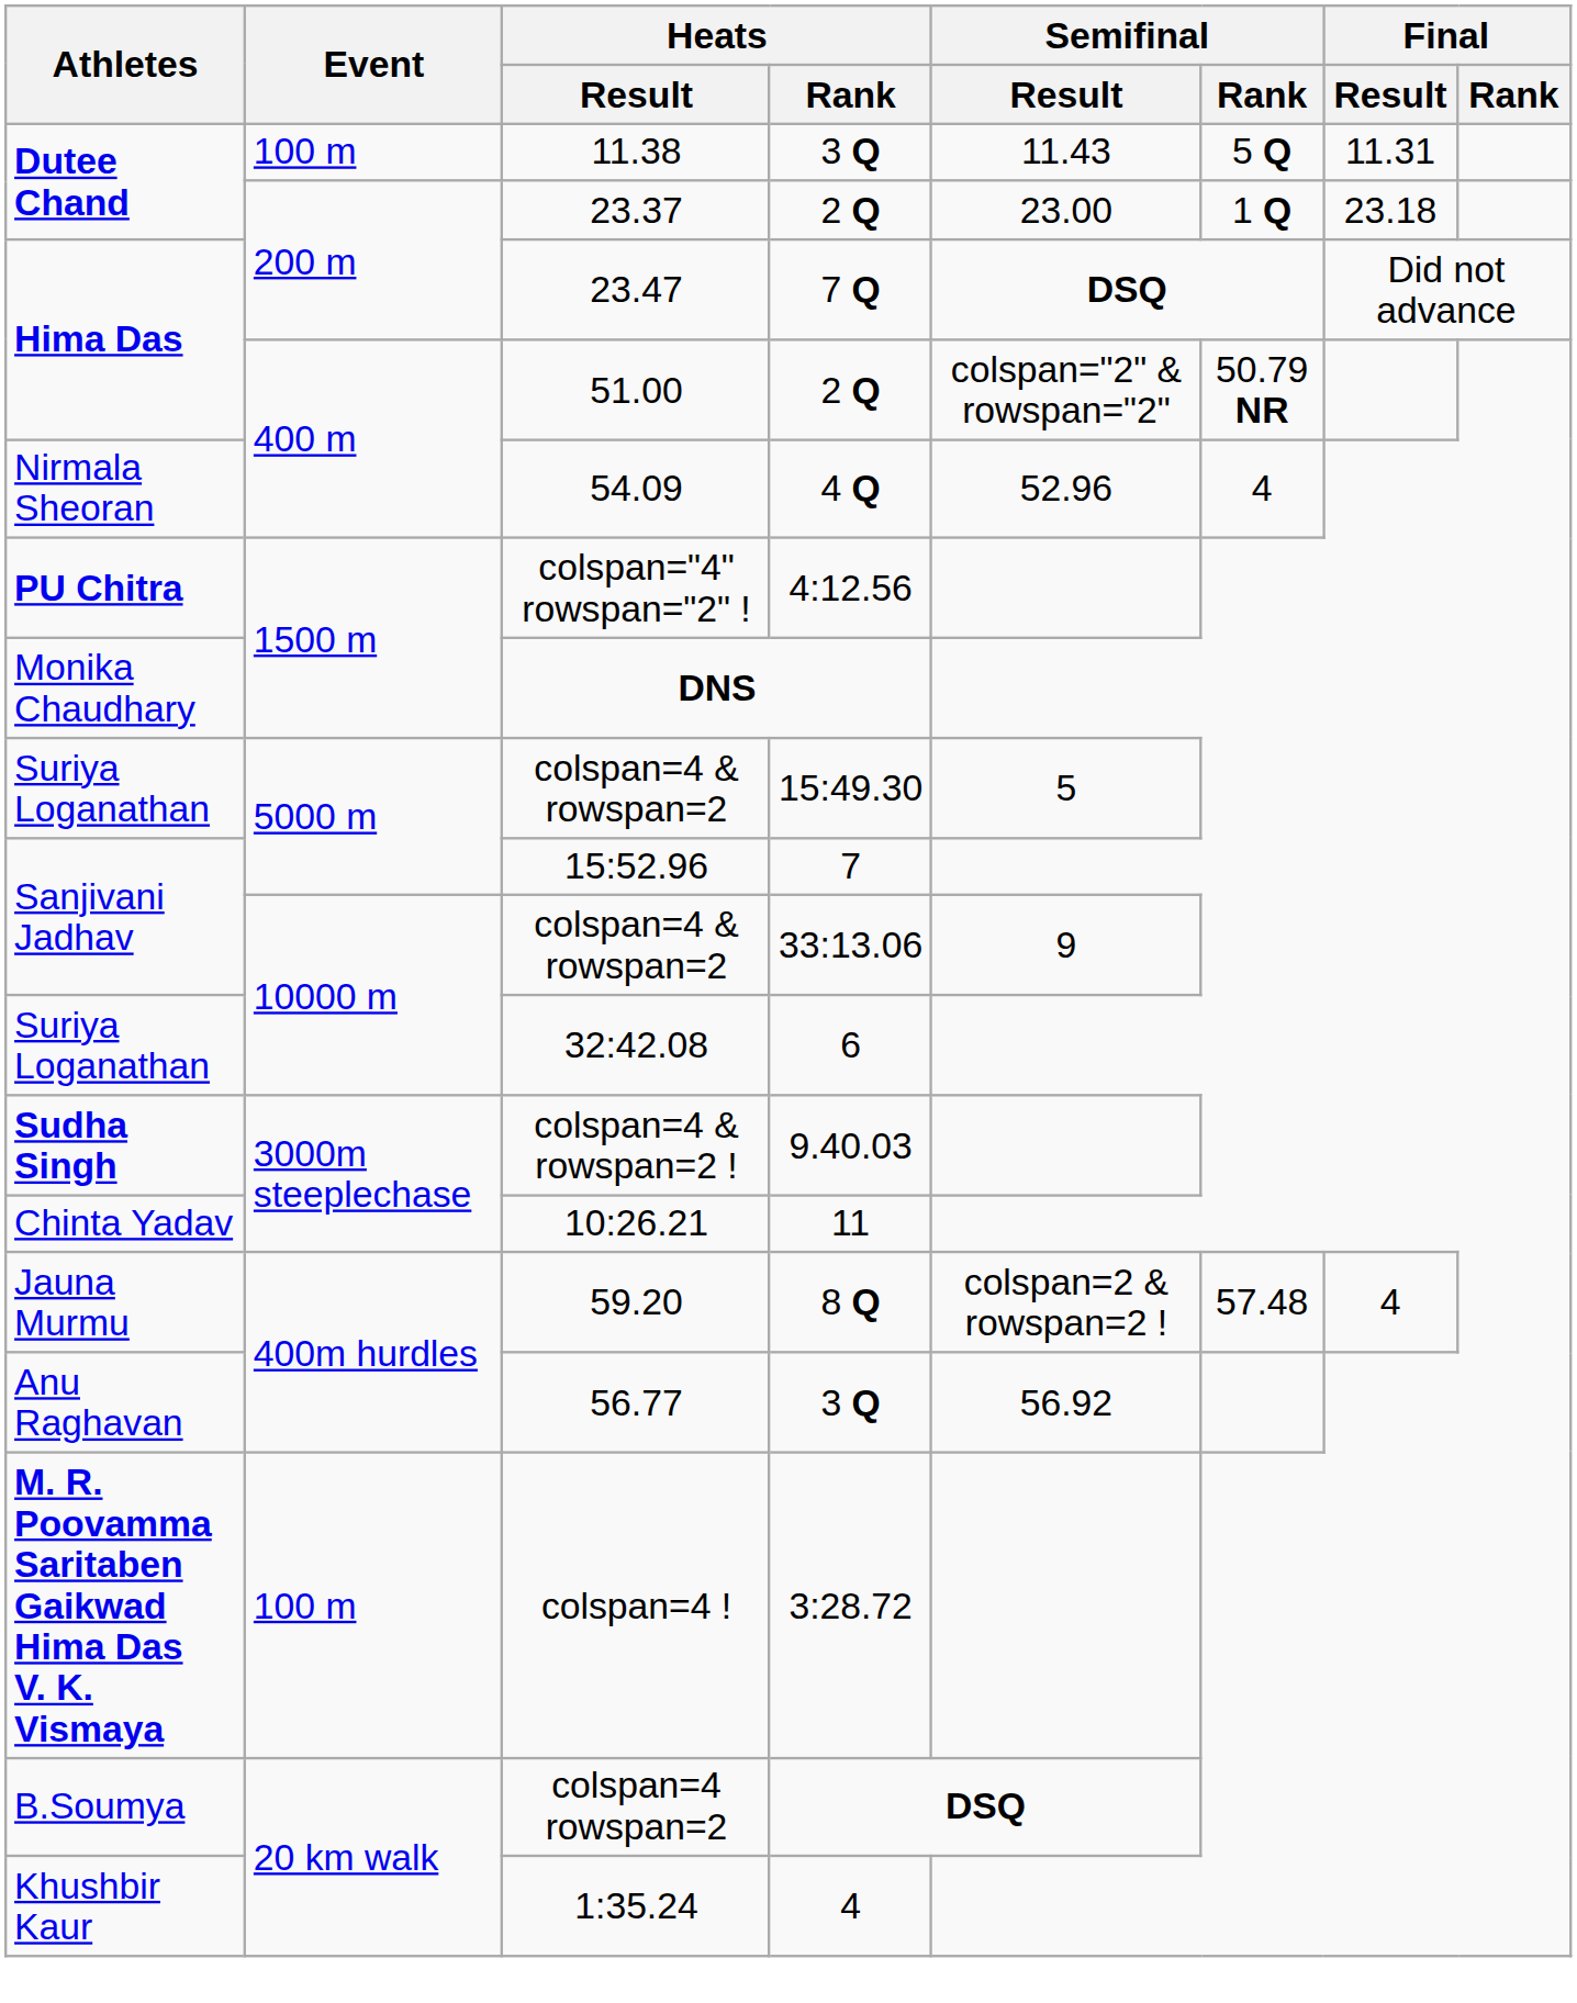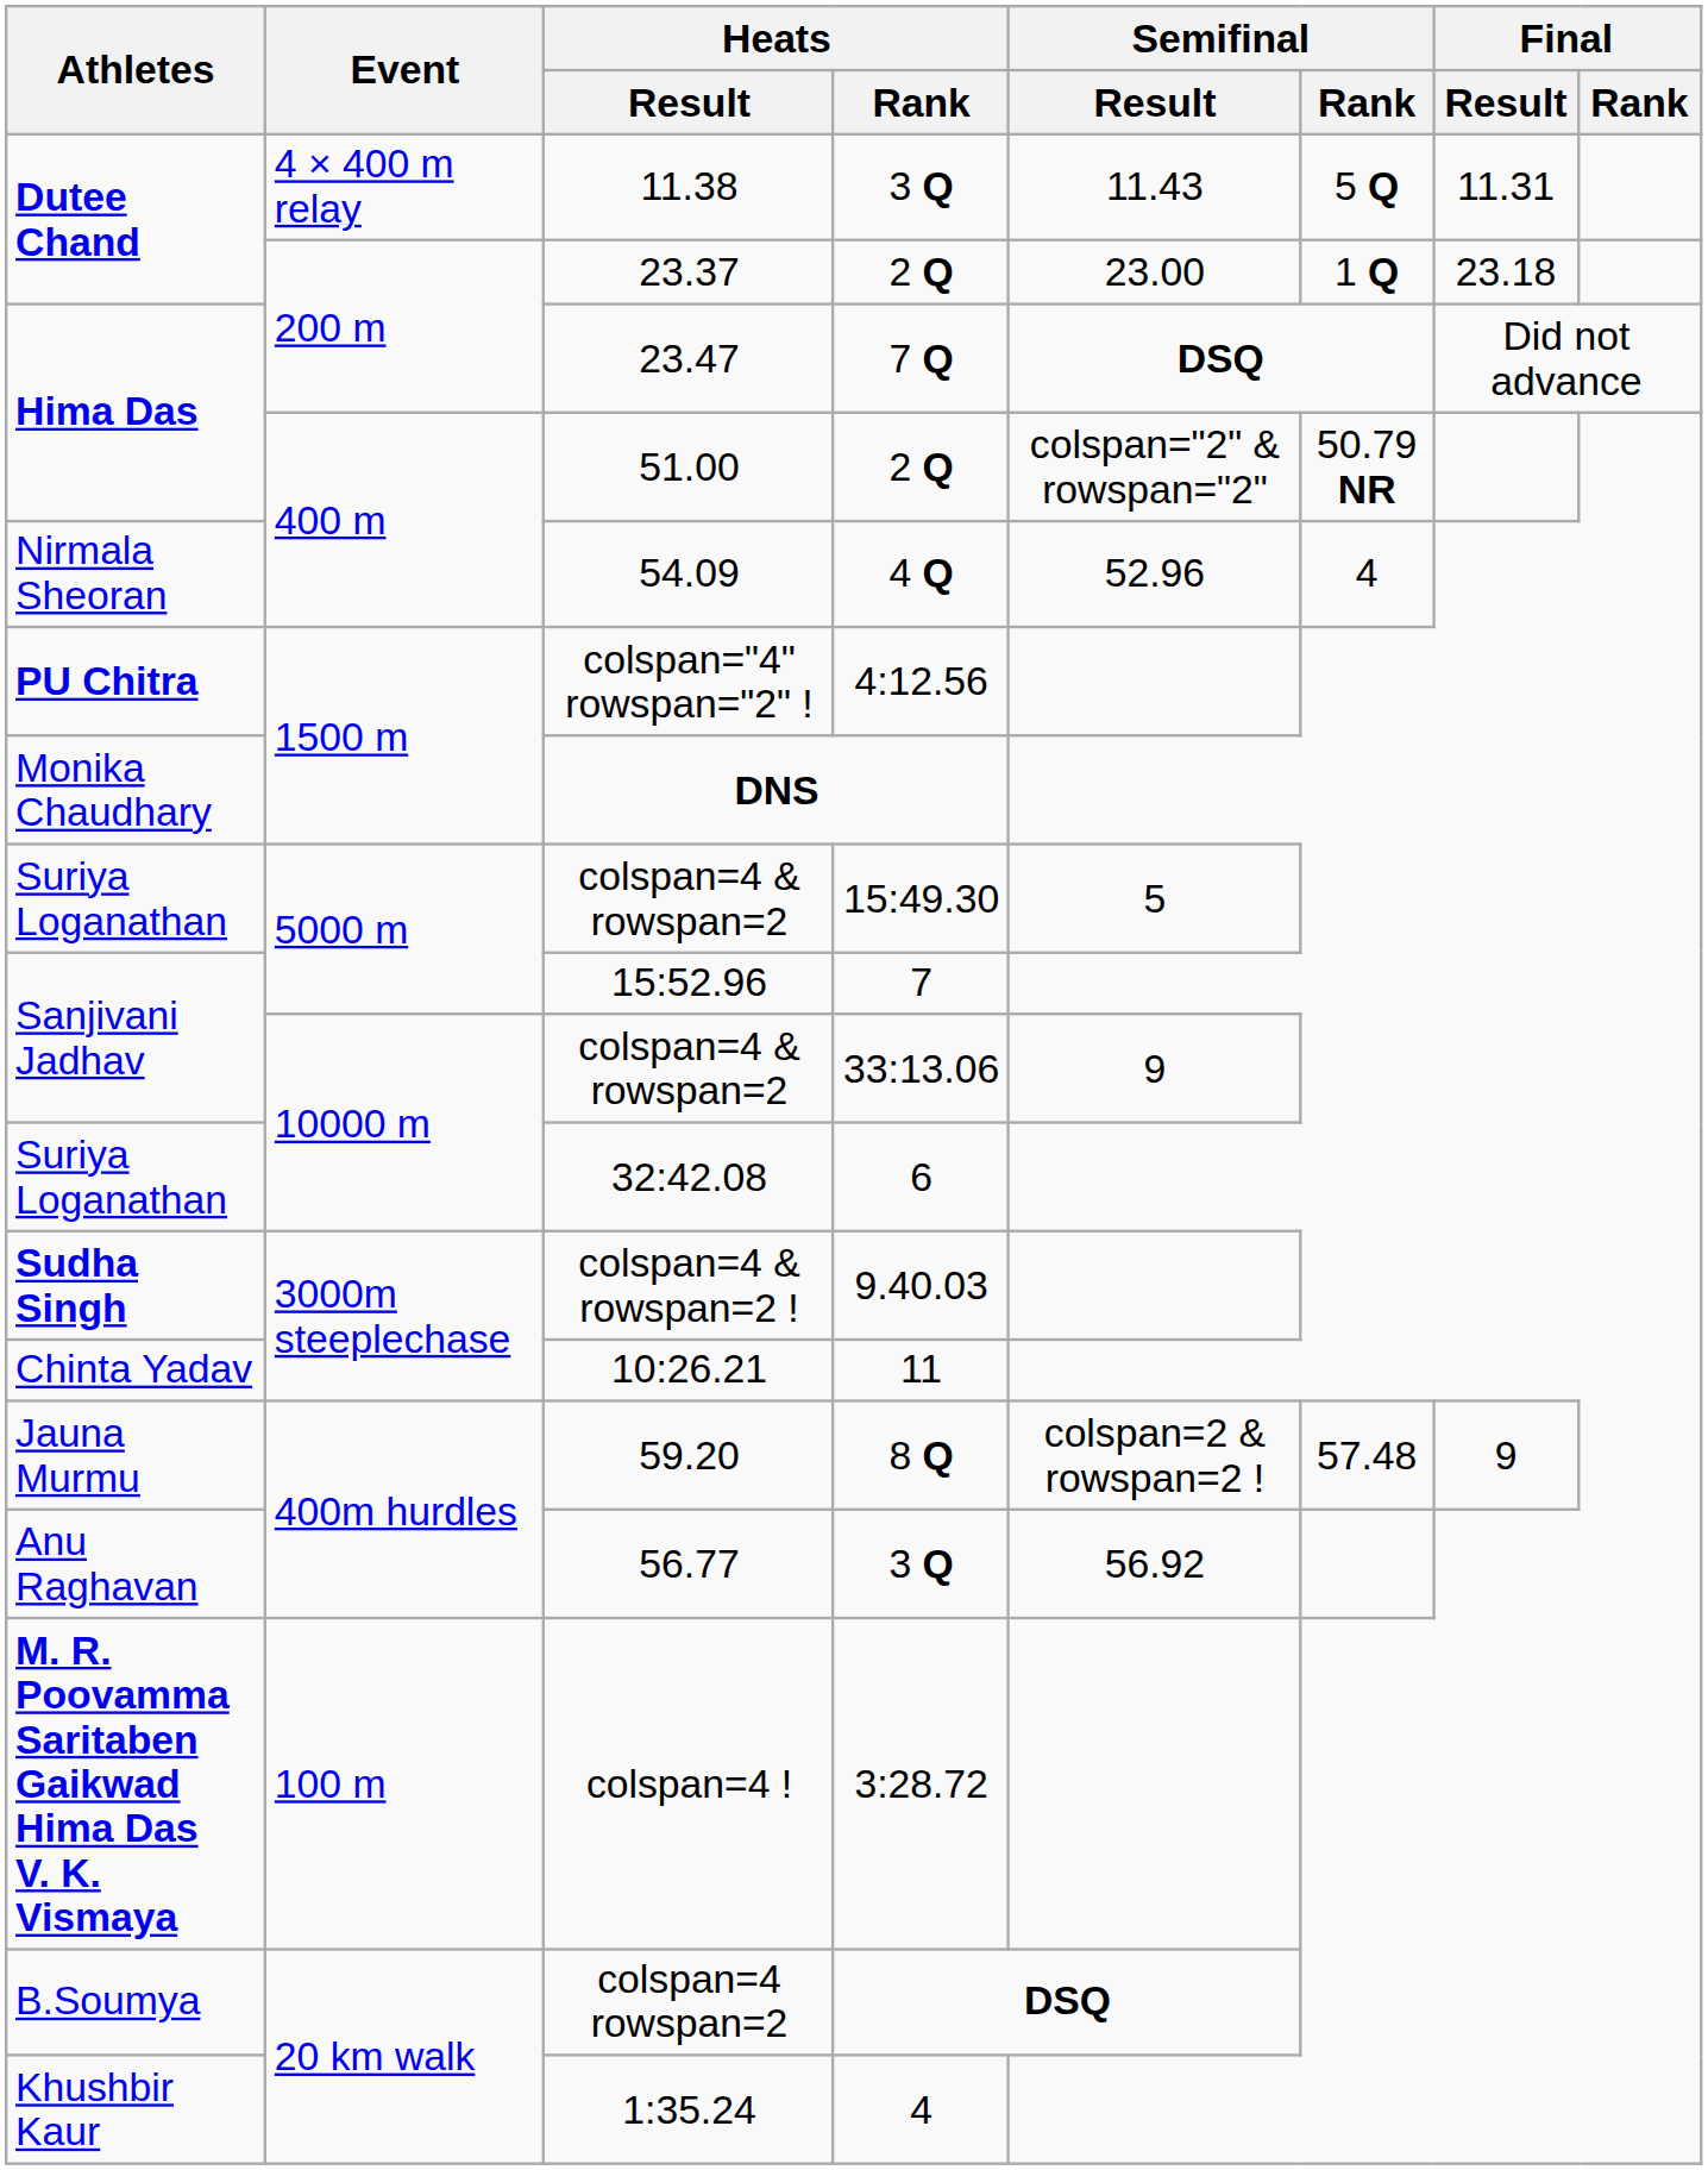 <table class=wikitable style="text-align:center; font-size:90%">
 <tr>
 <th rowspan=2>Athletes</th>
 <th rowspan=2>Event</th>
 <th colspan=2>Heats</th>
 <th colspan=2>Semifinal</th>
 <th colspan=2>Final</th>
 </tr>
 <tr>
 <th>Result</th>
 <th>Rank</th>
 <th>Result</th>
 <th>Rank</th>
 <th>Result</th>
 <th>Rank</th>
 </tr>
 <tr>
 <td align=left rowspan=2><strong><a href='#'>Dutee Chand</a></strong></td>
-<td align=left><a href='#'>100 m</a></td>
+<td align=left><a href='#'>4 × 400 m relay</a></td>
 <td>11.38</td>
 <td>3 <strong>Q</strong></td>
 <td>11.43</td>
 <td>5 <strong>Q</strong></td>
 <td>11.31</td>
 <td></td>
 </tr>
 <tr>
 <td align=left rowspan=2><a href='#'>200 m</a></td>
 <td>23.37</td>
 <td>2 <strong>Q</strong></td>
 <td>23.00</td>
 <td>1  <strong>Q</strong></td>
 <td>23.18</td>
 <td></td>
 </tr>
 <tr>
 <td align=left rowspan=2><strong><a href='#'>Hima Das</a></strong></td>
 <td>23.47</td>
 <td>7 <strong>Q</strong></td>
 <td colspan=2><strong>DSQ</strong></td>
 <td colspan="2">Did not advance</td>
 </tr>
 <tr>
 <td align=left rowspan=2><a href='#'>400 m</a></td>
 <td>51.00</td>
 <td>2 <strong>Q</strong></td>
 <td>colspan="2" & rowspan="2" </td>
 <td>50.79 <strong>NR</strong></td>
 <td></td>
 </tr>
 <tr>
 <td align=left><a href='#'>Nirmala Sheoran</a></td>
 <td>54.09</td>
 <td>4 <strong>Q</strong></td>
 <td>52.96</td>
 <td>4</td>
 </tr>
 <tr>
 <td align=left><strong><a href='#'>PU Chitra</a></strong></td>
 <td align=left rowspan=2><a href='#'>1500 m</a></td>
 <td>colspan="4" rowspan="2" !</td>
 <td>4:12.56</td>
 <td></td>
 </tr>
 <tr>
 <td align=left><a href='#'>Monika Chaudhary</a></td>
 <td colspan=2><strong>DNS</strong></td>
 </tr>
 <tr>
 <td align=left><a href='#'>Suriya Loganathan</a></td>
 <td align=left rowspan=2><a href='#'>5000 m</a></td>
 <td>colspan=4 & rowspan=2 </td>
 <td>15:49.30</td>
 <td>5</td>
 </tr>
 <tr>
 <td align=left rowspan=2><a href='#'>Sanjivani Jadhav</a></td>
 <td>15:52.96</td>
 <td>7</td>
 </tr>
 <tr>
 <td align=left rowspan=2><a href='#'>10000 m</a></td>
 <td>colspan=4 & rowspan=2 </td>
 <td>33:13.06</td>
 <td>9</td>
 </tr>
 <tr>
 <td align=left><a href='#'>Suriya Loganathan</a></td>
 <td>32:42.08</td>
 <td>6</td>
 </tr>
 <tr>
 <td align=left><strong><a href='#'>Sudha Singh</a></strong></td>
 <td align=left rowspan=2><a href='#'>3000m steeplechase</a></td>
 <td>colspan=4 & rowspan=2 !</td>
 <td>9.40.03</td>
 <td></td>
 </tr>
 <tr>
 <td align=left><a href='#'>Chinta Yadav</a></td>
 <td>10:26.21</td>
 <td>11</td>
 </tr>
 <tr>
 <td align=left><a href='#'>Jauna Murmu</a></td>
 <td align=left rowspan=2><a href='#'>400m hurdles</a></td>
 <td>59.20</td>
 <td>8 <strong>Q</strong></td>
 <td>colspan=2 & rowspan=2 !</td>
 <td>57.48</td>
-<td>4</td>
+<td>9</td>
 </tr>
 <tr>
 <td align=left><a href='#'>Anu Raghavan</a></td>
 <td>56.77</td>
 <td>3 <strong>Q</strong></td>
 <td>56.92</td>
 <td></td>
 </tr>
 <tr>
 <td align=left><strong><a href='#'>M. R. Poovamma</a><br><a href='#'>Saritaben Gaikwad</a><br><a href='#'>Hima Das</a><br><a href='#'>V. K. Vismaya</a></strong></td>
 <td align=left><a href='#'>100 m</a></td>
 <td>colspan=4 !</td>
 <td>3:28.72</td>
 <td></td>
 </tr>
 <tr>
 <td align=left><a href='#'>B.Soumya</a></td>
 <td align=left rowspan=2><a href='#'>20 km walk</a></td>
 <td>colspan=4 rowspan=2 </td>
 <td colspan=2><strong>DSQ</strong></td>
 </tr>
 <tr>
 <td align=left><a href='#'>Khushbir Kaur</a></td>
 <td>1:35.24</td>
 <td>4</td>
 </tr>
 </table>
